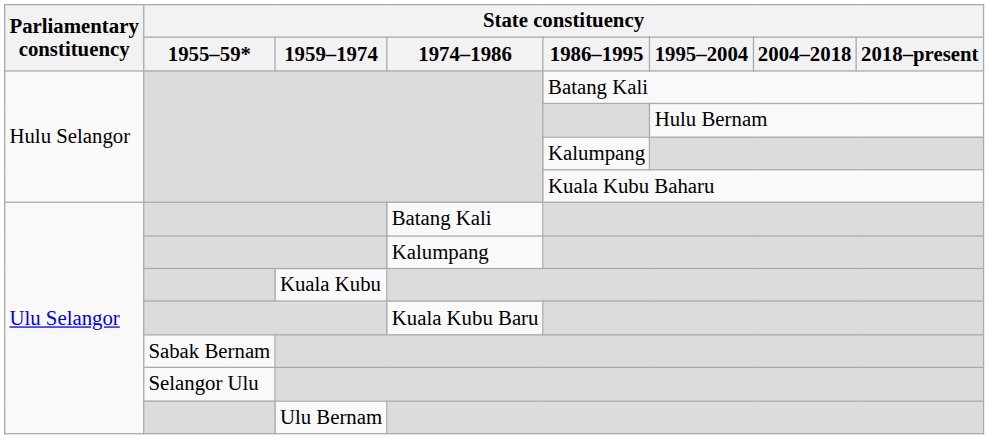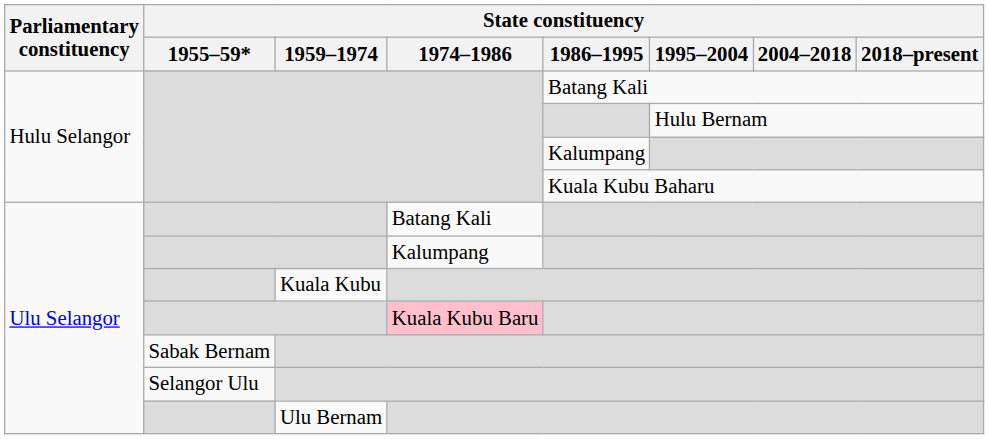 <table class="wikitable">
 <tr>
 <th rowspan="2">Parliamentary<br>constituency</th>
 <th colspan="7">State constituency</th>
 </tr>
 <tr>
 <th>1955–59*</th>
 <th>1959–1974</th>
 <th>1974–1986</th>
 <th>1986–1995</th>
 <th>1995–2004</th>
 <th>2004–2018</th>
 <th>2018–present</th>
 </tr>
 <tr>
 <td rowspan="4">Hulu Selangor</td>
 <td colspan="3" rowspan="4" bgcolor="dcdcdc"></td>
 <td colspan="4">Batang Kali</td>
 </tr>
 <tr>
 <td bgcolor="dcdcdc"></td>
 <td colspan="3">Hulu Bernam</td>
 </tr>
 <tr>
 <td>Kalumpang</td>
 <td colspan="3" bgcolor="dcdcdc"></td>
 </tr>
 <tr>
 <td colspan="4">Kuala Kubu Baharu</td>
 </tr>
 <tr>
 <td rowspan="7"><a href='#'>Ulu Selangor</a></td>
 <td colspan="2" bgcolor="dcdcdc"></td>
 <td>Batang Kali</td>
 <td colspan="4" bgcolor="dcdcdc"></td>
 </tr>
 <tr>
 <td colspan="2" bgcolor="dcdcdc"></td>
 <td>Kalumpang</td>
 <td colspan="4" bgcolor="dcdcdc"></td>
 </tr>
 <tr>
 <td bgcolor="dcdcdc"></td>
 <td>Kuala Kubu</td>
 <td colspan="5" bgcolor="dcdcdc"></td>
 </tr>
 <tr>
 <td colspan="2" bgcolor="dcdcdc"></td>
-<td>Kuala Kubu Baru</td>
+<td style="background: pink;">Kuala Kubu Baru</td>
 <td colspan="4" bgcolor="dcdcdc"></td>
 </tr>
 <tr>
 <td>Sabak Bernam</td>
 <td colspan="6" bgcolor="dcdcdc"></td>
 </tr>
 <tr>
 <td>Selangor Ulu</td>
 <td colspan="6" bgcolor="dcdcdc"></td>
 </tr>
 <tr>
 <td bgcolor="dcdcdc"></td>
 <td>Ulu Bernam</td>
 <td colspan="5" bgcolor="dcdcdc"></td>
 </tr>
 </table>
